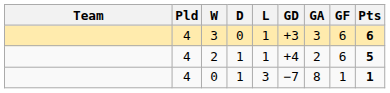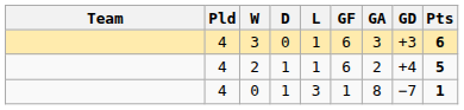 <table class="wikitable" style="text-align:center">
 <tr>
 <th width=165>Team</th>
 <th width=20>Pld</th>
 <th width=20>W</th>
 <th width=20>D</th>
 <th width=20>L</th>
+<th width=20>GF</th>
+<th width=20>GA</th>
 <th width=20>GD</th>
-<th width=20>GA</th>
-<th width=20>GF</th>
 <th width=20>Pts</th>
 </tr>
 <tr bgcolor="#ffebad">
 <td align="left"></td>
 <td>4</td>
 <td>3</td>
 <td>0</td>
 <td>1</td>
+<td>6</td>
+<td>3</td>
 <td>+3</td>
-<td>3</td>
-<td>6</td>
 <td><strong>6</strong></td>
 </tr>
 <tr>
 <td align="left"></td>
 <td>4</td>
 <td>2</td>
 <td>1</td>
 <td>1</td>
+<td>6</td>
+<td>2</td>
 <td>+4</td>
-<td>2</td>
-<td>6</td>
 <td><strong>5</strong></td>
 </tr>
 <tr>
 <td align="left"></td>
 <td>4</td>
 <td>0</td>
 <td>1</td>
 <td>3</td>
+<td>1</td>
+<td>8</td>
 <td>−7</td>
-<td>8</td>
-<td>1</td>
 <td><strong>1</strong></td>
 </tr>
 </table>
